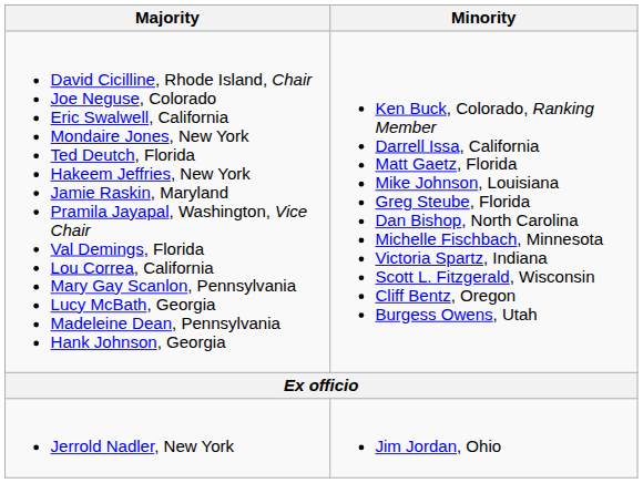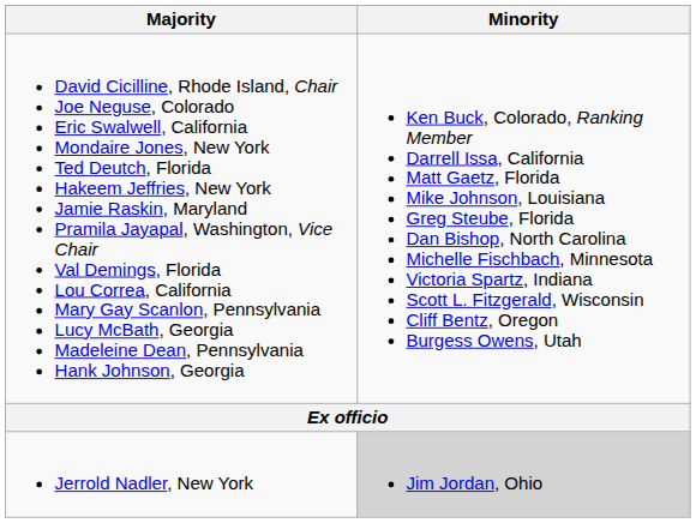 <table class=wikitable>
 <tr>
 <th>Majority</th>
 <th>Minority</th>
 </tr>
 <tr>
 <td><br><ul><li><a href='#'>David Cicilline</a>, Rhode Island, <em>Chair</em></li><li><a href='#'>Joe Neguse</a>, Colorado</li><li><a href='#'>Eric Swalwell</a>, California</li><li><a href='#'>Mondaire Jones</a>, New York</li><li><a href='#'>Ted Deutch</a>, Florida</li><li><a href='#'>Hakeem Jeffries</a>, New York</li><li><a href='#'>Jamie Raskin</a>, Maryland</li><li><a href='#'>Pramila Jayapal</a>, Washington, <em>Vice Chair</em></li><li><a href='#'>Val Demings</a>, Florida</li><li><a href='#'>Lou Correa</a>, California</li><li><a href='#'>Mary Gay Scanlon</a>, Pennsylvania</li><li><a href='#'>Lucy McBath</a>, Georgia</li><li><a href='#'>Madeleine Dean</a>, Pennsylvania</li><li><a href='#'>Hank Johnson</a>, Georgia</li></ul></td>
 <td><br><ul><li><a href='#'>Ken Buck</a>, Colorado, <em>Ranking Member</em></li><li><a href='#'>Darrell Issa</a>, California</li><li><a href='#'>Matt Gaetz</a>, Florida</li><li><a href='#'>Mike Johnson</a>, Louisiana</li><li><a href='#'>Greg Steube</a>, Florida</li><li><a href='#'>Dan Bishop</a>, North Carolina</li><li><a href='#'>Michelle Fischbach</a>, Minnesota</li><li><a href='#'>Victoria Spartz</a>, Indiana</li><li><a href='#'>Scott L. Fitzgerald</a>, Wisconsin</li><li><a href='#'>Cliff Bentz</a>, Oregon</li><li><a href='#'>Burgess Owens</a>, Utah</li></ul></td>
 </tr>
 <tr>
 <th colspan=2><em>Ex officio</em></th>
 </tr>
 <tr>
 <td><br><ul><li><a href='#'>Jerrold Nadler</a>, New York</li></ul></td>
-<td><br><ul><li><a href='#'>Jim Jordan</a>, Ohio</li></ul></td>
+<td style="background: lightgrey;"><br><ul><li><a href='#'>Jim Jordan</a>, Ohio</li></ul></td>
 </tr>
 </table>
